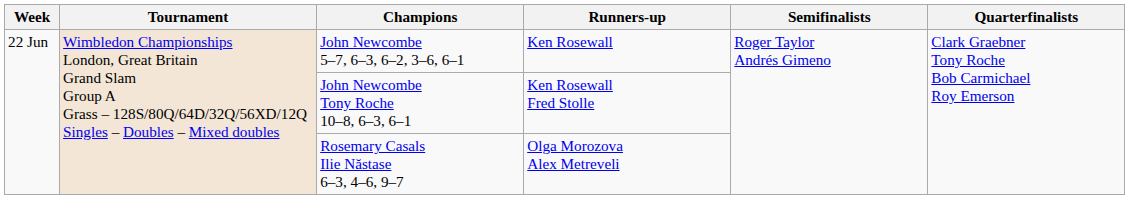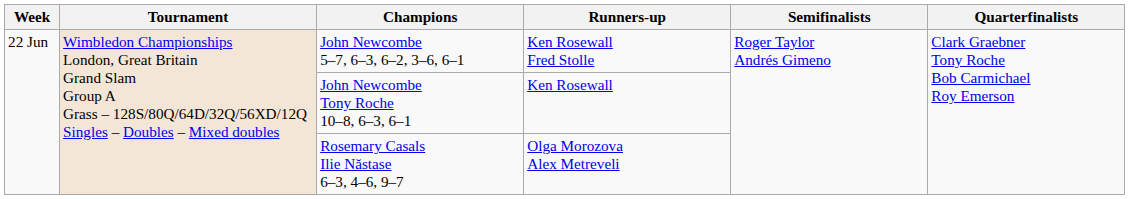 <table class=wikitable style=font-size:95%>
 <tr>
 <th style="width:48px;">Week</th>
 <th style="width:250px;">Tournament</th>
 <th style="width:200px;">Champions</th>
 <th style="width:200px;">Runners-up</th>
 <th style="width:190px;">Semifinalists</th>
 <th style="width:190px;">Quarterfinalists</th>
 </tr>
 <tr valign=top>
 <td rowspan=3>22 Jun</td>
 <td style="background:#F3E6D7;" rowspan="3"><a href='#'>Wimbledon Championships</a><br> London, Great Britain <br> Grand Slam <br> Group A <br> Grass – 128S/80Q/64D/32Q/56XD/12Q <br> <a href='#'>Singles</a> – <a href='#'>Doubles</a> – <a href='#'>Mixed doubles</a></td>
 <td> <a href='#'>John Newcombe</a> <br> 5–7, 6–3, 6–2, 3–6, 6–1</td>
-<td> <a href='#'>Ken Rosewall</a></td>
+<td> <a href='#'>Ken Rosewall</a> <br>  <a href='#'>Fred Stolle</a></td>
 <td rowspan=3> <a href='#'>Roger Taylor</a> <br>  <a href='#'>Andrés Gimeno</a></td>
 <td rowspan=3> <a href='#'>Clark Graebner</a> <br>  <a href='#'>Tony Roche</a> <br>  <a href='#'>Bob Carmichael</a> <br>  <a href='#'>Roy Emerson</a></td>
 </tr>
 <tr valign=top>
 <td> <a href='#'>John Newcombe</a> <br>  <a href='#'>Tony Roche</a> <br> 10–8, 6–3, 6–1</td>
-<td> <a href='#'>Ken Rosewall</a> <br>  <a href='#'>Fred Stolle</a></td>
+<td> <a href='#'>Ken Rosewall</a></td>
 </tr>
 <tr valign=top>
 <td> <a href='#'>Rosemary Casals</a> <br>  <a href='#'>Ilie Năstase</a> <br> 6–3, 4–6, 9–7</td>
 <td> <a href='#'>Olga Morozova</a> <br>  <a href='#'>Alex Metreveli</a></td>
 </tr>
 </table>
